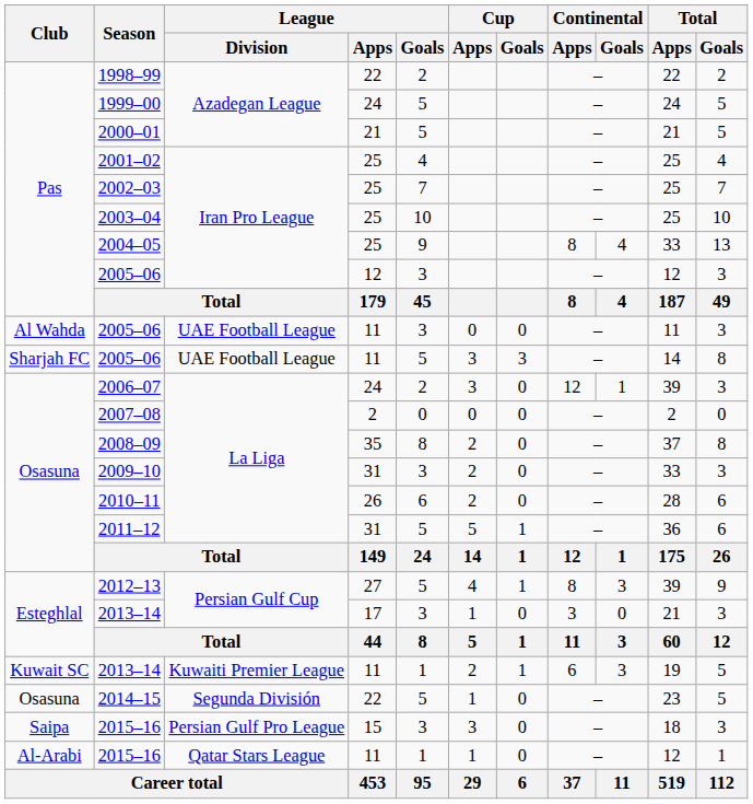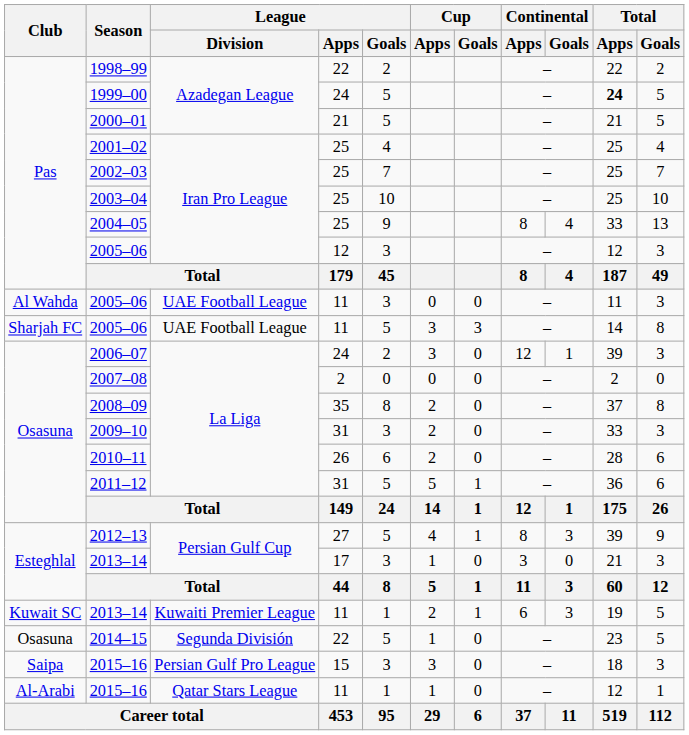 <table class="wikitable" style="text-align:center">
 <tr>
 <th rowspan="2">Club</th>
 <th rowspan="2">Season</th>
 <th colspan="3">League</th>
 <th colspan="2">Cup</th>
 <th colspan="2">Continental</th>
 <th colspan="2">Total</th>
 </tr>
 <tr>
 <th>Division</th>
 <th>Apps</th>
 <th>Goals</th>
 <th>Apps</th>
 <th>Goals</th>
 <th>Apps</th>
 <th>Goals</th>
 <th>Apps</th>
 <th>Goals</th>
 </tr>
 <tr>
 <td rowspan="9"><a href='#'>Pas</a></td>
 <td><a href='#'>1998–99</a></td>
 <td rowspan="3"><a href='#'>Azadegan League</a></td>
 <td>22</td>
 <td>2</td>
 <td></td>
 <td></td>
 <td colspan="2">–</td>
 <td>22</td>
 <td>2</td>
 </tr>
 <tr>
 <td><a href='#'>1999–00</a></td>
 <td>24</td>
 <td>5</td>
 <td></td>
 <td></td>
 <td colspan="2">–</td>
-<td>24</td>
+<td><strong>24</strong></td>
 <td>5</td>
 </tr>
 <tr>
 <td><a href='#'>2000–01</a></td>
 <td>21</td>
 <td>5</td>
 <td></td>
 <td></td>
 <td colspan="2">–</td>
 <td>21</td>
 <td>5</td>
 </tr>
 <tr>
 <td><a href='#'>2001–02</a></td>
 <td rowspan="5"><a href='#'>Iran Pro League</a></td>
 <td>25</td>
 <td>4</td>
 <td></td>
 <td></td>
 <td colspan="2">–</td>
 <td>25</td>
 <td>4</td>
 </tr>
 <tr>
 <td><a href='#'>2002–03</a></td>
 <td>25</td>
 <td>7</td>
 <td></td>
 <td></td>
 <td colspan="2">–</td>
 <td>25</td>
 <td>7</td>
 </tr>
 <tr>
 <td><a href='#'>2003–04</a></td>
 <td>25</td>
 <td>10</td>
 <td></td>
 <td></td>
 <td colspan="2">–</td>
 <td>25</td>
 <td>10</td>
 </tr>
 <tr>
 <td><a href='#'>2004–05</a></td>
 <td>25</td>
 <td>9</td>
 <td></td>
 <td></td>
 <td>8</td>
 <td>4</td>
 <td>33</td>
 <td>13</td>
 </tr>
 <tr>
 <td><a href='#'>2005–06</a></td>
 <td>12</td>
 <td>3</td>
 <td></td>
 <td></td>
 <td colspan="2">–</td>
 <td>12</td>
 <td>3</td>
 </tr>
 <tr>
 <th colspan="2">Total</th>
 <th>179</th>
 <th>45</th>
 <th></th>
 <th></th>
 <th>8</th>
 <th>4</th>
 <th>187</th>
 <th>49</th>
 </tr>
 <tr>
 <td><a href='#'>Al Wahda</a></td>
 <td><a href='#'>2005–06</a></td>
 <td><a href='#'>UAE Football League</a></td>
 <td>11</td>
 <td>3</td>
 <td>0</td>
 <td>0</td>
 <td colspan="2">–</td>
 <td>11</td>
 <td>3</td>
 </tr>
 <tr>
 <td><a href='#'>Sharjah FC</a></td>
 <td><a href='#'>2005–06</a></td>
 <td>UAE Football League</td>
 <td>11</td>
 <td>5</td>
 <td>3</td>
 <td>3</td>
 <td colspan="2">–</td>
 <td>14</td>
 <td>8</td>
 </tr>
 <tr>
 <td rowspan="7"><a href='#'>Osasuna</a></td>
 <td><a href='#'>2006–07</a></td>
 <td rowspan="6"><a href='#'>La Liga</a></td>
 <td>24</td>
 <td>2</td>
 <td>3</td>
 <td>0</td>
 <td>12</td>
 <td>1</td>
 <td>39</td>
 <td>3</td>
 </tr>
 <tr>
 <td><a href='#'>2007–08</a></td>
 <td>2</td>
 <td>0</td>
 <td>0</td>
 <td>0</td>
 <td colspan="2">–</td>
 <td>2</td>
 <td>0</td>
 </tr>
 <tr>
 <td><a href='#'>2008–09</a></td>
 <td>35</td>
 <td>8</td>
 <td>2</td>
 <td>0</td>
 <td colspan="2">–</td>
 <td>37</td>
 <td>8</td>
 </tr>
 <tr>
 <td><a href='#'>2009–10</a></td>
 <td>31</td>
 <td>3</td>
 <td>2</td>
 <td>0</td>
 <td colspan="2">–</td>
 <td>33</td>
 <td>3</td>
 </tr>
 <tr>
 <td><a href='#'>2010–11</a></td>
 <td>26</td>
 <td>6</td>
 <td>2</td>
 <td>0</td>
 <td colspan="2">–</td>
 <td>28</td>
 <td>6</td>
 </tr>
 <tr>
 <td><a href='#'>2011–12</a></td>
 <td>31</td>
 <td>5</td>
 <td>5</td>
 <td>1</td>
 <td colspan="2">–</td>
 <td>36</td>
 <td>6</td>
 </tr>
 <tr>
 <th colspan="2">Total</th>
 <th>149</th>
 <th>24</th>
 <th>14</th>
 <th>1</th>
 <th>12</th>
 <th>1</th>
 <th>175</th>
 <th>26</th>
 </tr>
 <tr>
 <td rowspan="3"><a href='#'>Esteghlal</a></td>
 <td><a href='#'>2012–13</a></td>
 <td rowspan="2"><a href='#'>Persian Gulf Cup</a></td>
 <td>27</td>
 <td>5</td>
 <td>4</td>
 <td>1</td>
 <td>8</td>
 <td>3</td>
 <td>39</td>
 <td>9</td>
 </tr>
 <tr>
 <td><a href='#'>2013–14</a></td>
 <td>17</td>
 <td>3</td>
 <td>1</td>
 <td>0</td>
 <td>3</td>
 <td>0</td>
 <td>21</td>
 <td>3</td>
 </tr>
 <tr>
 <th colspan="2">Total</th>
 <th>44</th>
 <th>8</th>
 <th>5</th>
 <th>1</th>
 <th>11</th>
 <th>3</th>
 <th>60</th>
 <th>12</th>
 </tr>
 <tr>
 <td><a href='#'>Kuwait SC</a></td>
 <td><a href='#'>2013–14</a></td>
 <td><a href='#'>Kuwaiti Premier League</a></td>
 <td>11</td>
 <td>1</td>
 <td>2</td>
 <td>1</td>
 <td>6</td>
 <td>3</td>
 <td>19</td>
 <td>5</td>
 </tr>
 <tr>
 <td>Osasuna</td>
 <td><a href='#'>2014–15</a></td>
 <td><a href='#'>Segunda División</a></td>
 <td>22</td>
 <td>5</td>
 <td>1</td>
 <td>0</td>
 <td colspan="2">–</td>
 <td>23</td>
 <td>5</td>
 </tr>
 <tr>
 <td><a href='#'>Saipa</a></td>
 <td><a href='#'>2015–16</a></td>
 <td><a href='#'>Persian Gulf Pro League</a></td>
 <td>15</td>
 <td>3</td>
 <td>3</td>
 <td>0</td>
 <td colspan="2">–</td>
 <td>18</td>
 <td>3</td>
 </tr>
 <tr>
 <td><a href='#'>Al-Arabi</a></td>
 <td><a href='#'>2015–16</a></td>
 <td><a href='#'>Qatar Stars League</a></td>
 <td>11</td>
 <td>1</td>
 <td>1</td>
 <td>0</td>
 <td colspan="2">–</td>
 <td>12</td>
 <td>1</td>
 </tr>
 <tr>
 <th colspan="3">Career total</th>
 <th>453</th>
 <th>95</th>
 <th>29</th>
 <th>6</th>
 <th>37</th>
 <th>11</th>
 <th>519</th>
 <th>112</th>
 </tr>
 </table>
